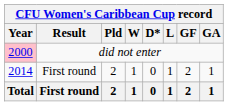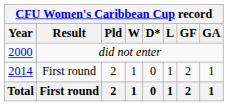 <table class="wikitable" style="text-align: center;">
 <tr>
 <th colspan=8><a href='#'>CFU Women's Caribbean Cup</a> record</th>
 </tr>
 <tr>
 <th>Year</th>
 <th>Result</th>
 <th>Pld</th>
 <th>W</th>
 <th>D*</th>
 <th>L</th>
 <th>GF</th>
 <th>GA</th>
 </tr>
 <tr>
-<td style="background: pink;"> <a href='#'>2000</a></td>
+<td> <a href='#'>2000</a></td>
 <td colspan=7><em>did not enter</em></td>
 </tr>
 <tr>
 <td> <a href='#'>2014</a></td>
 <td>First round</td>
 <td>2</td>
 <td>1</td>
 <td>0</td>
 <td>1</td>
 <td>2</td>
 <td>1</td>
 </tr>
 <tr>
 <th>Total</th>
 <th>First round</th>
 <th>2</th>
 <th>1</th>
 <th>0</th>
 <th>1</th>
 <th>2</th>
 <th>1</th>
 </tr>
 </table>
